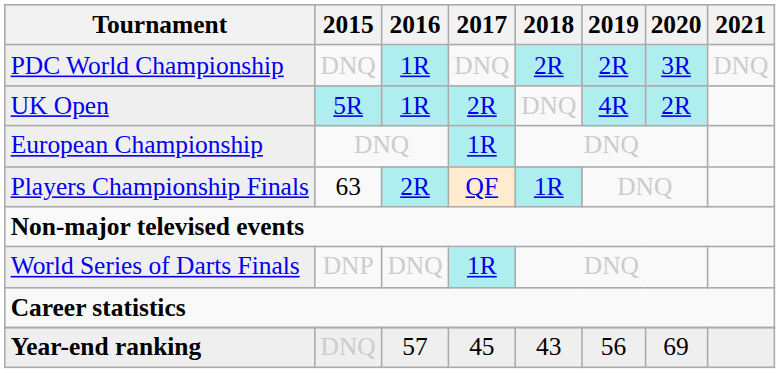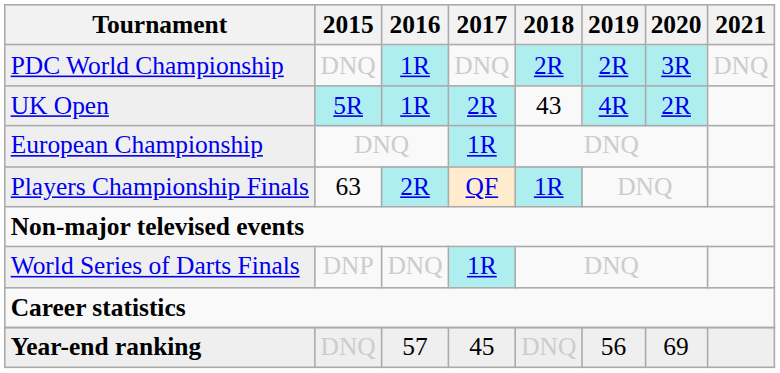 <table class="wikitable">
 <tr>
 <th>Tournament</th>
 <th>2015</th>
 <th>2016</th>
 <th>2017</th>
 <th>2018</th>
 <th>2019</th>
 <th>2020</th>
 <th>2021</th>
 </tr>
 <tr>
 <td style="background:#efefef;"><a href='#'>PDC World Championship</a></td>
 <td colspan="1" style="text-align:center; color:#ccc;">DNQ</td>
 <td style="text-align:center; background:#afeeee;"><a href='#'>1R</a></td>
 <td colspan="1" style="text-align:center; color:#ccc;">DNQ</td>
 <td style="text-align:center; background:#afeeee;"><a href='#'>2R</a></td>
 <td style="text-align:center; background:#afeeee;"><a href='#'>2R</a></td>
 <td style="text-align:center; background:#afeeee;"><a href='#'>3R</a></td>
 <td colspan="1" style="text-align:center; color:#ccc;">DNQ</td>
 </tr>
 <tr>
 <td style="background:#efefef;"><a href='#'>UK Open</a></td>
 <td style="text-align:center; background:#afeeee;"><a href='#'>5R</a></td>
 <td style="text-align:center; background:#afeeee;"><a href='#'>1R</a></td>
 <td style="text-align:center; background:#afeeee;"><a href='#'>2R</a></td>
-<td colspan="1" style="text-align:center; color:#ccc;">DNQ</td>
+<td style="text-align:center;">43</td>
 <td style="text-align:center; background:#afeeee;"><a href='#'>4R</a></td>
 <td style="text-align:center; background:#afeeee;"><a href='#'>2R</a></td>
 <td></td>
 </tr>
 <tr>
 <td style="background:#efefef;"><a href='#'>European Championship</a></td>
 <td colspan="2"  style="text-align:center; color:#ccc;">DNQ</td>
 <td style="text-align:center; background:#afeeee;"><a href='#'>1R</a></td>
 <td colspan="3"  style="text-align:center; color:#ccc;">DNQ</td>
 <td></td>
 </tr>
 <tr>
 <td style="background:#efefef;"><a href='#'>Players Championship Finals</a></td>
 <td style="text-align:center;">63</td>
 <td style="text-align:center; background:#afeeee;"><a href='#'>2R</a></td>
 <td style="text-align:center; background:#ffebcd;"><a href='#'>QF</a></td>
 <td style="text-align:center; background:#afeeee;"><a href='#'>1R</a></td>
 <td colspan="2"  style="text-align:center; color:#ccc;">DNQ</td>
 <td></td>
 </tr>
 <tr>
 <td colspan="21" align="left"><strong>Non-major televised events</strong></td>
 </tr>
 <tr>
 <td style="background:#efefef;"><a href='#'>World Series of Darts Finals</a></td>
 <td colspan="1" style="text-align:center; color:#ccc;">DNP</td>
 <td colspan="1" style="text-align:center; color:#ccc;">DNQ</td>
 <td style="text-align:center; background:#afeeee;"><a href='#'>1R</a></td>
 <td colspan="3" style="text-align:center; color:#ccc;">DNQ</td>
 <td></td>
 </tr>
 <tr>
 <td colspan="13" align="left"><strong>Career statistics</strong></td>
 </tr>
 <tr>
 </tr>
 <tr bgcolor="efefef">
 <td align="left"><strong>Year-end ranking</strong></td>
 <td colspan="1" style="text-align:center; color:#ccc;">DNQ</td>
 <td style="text-align:center;">57</td>
 <td style="text-align:center;">45</td>
-<td style="text-align:center;">43</td>
+<td colspan="1" style="text-align:center; color:#ccc;">DNQ</td>
 <td style="text-align:center;">56</td>
 <td style="text-align:center;">69</td>
 <td></td>
 </tr>
 </table>
